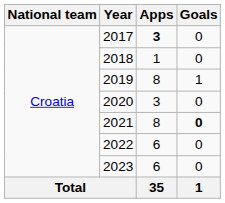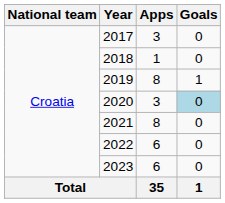 <table class=wikitable style="text-align: center">
 <tr>
 <th>National team</th>
 <th>Year</th>
 <th>Apps</th>
 <th>Goals</th>
 </tr>
 <tr>
 <td rowspan="7"><a href='#'>Croatia</a></td>
 <td>2017</td>
-<td><strong>3</strong></td>
+<td>3</td>
 <td>0</td>
 </tr>
 <tr>
 <td>2018</td>
 <td>1</td>
 <td>0</td>
 </tr>
 <tr>
 <td>2019</td>
 <td>8</td>
 <td>1</td>
 </tr>
 <tr>
 <td>2020</td>
 <td>3</td>
-<td>0</td>
+<td style="background: lightblue;">0</td>
 </tr>
 <tr>
 <td>2021</td>
 <td>8</td>
-<td><strong>0</strong></td>
+<td>0</td>
 </tr>
 <tr>
 <td>2022</td>
 <td>6</td>
 <td>0</td>
 </tr>
 <tr>
 <td>2023</td>
 <td>6</td>
 <td>0</td>
 </tr>
 <tr>
 <th colspan="2">Total</th>
 <th>35</th>
 <th>1</th>
 </tr>
 </table>
